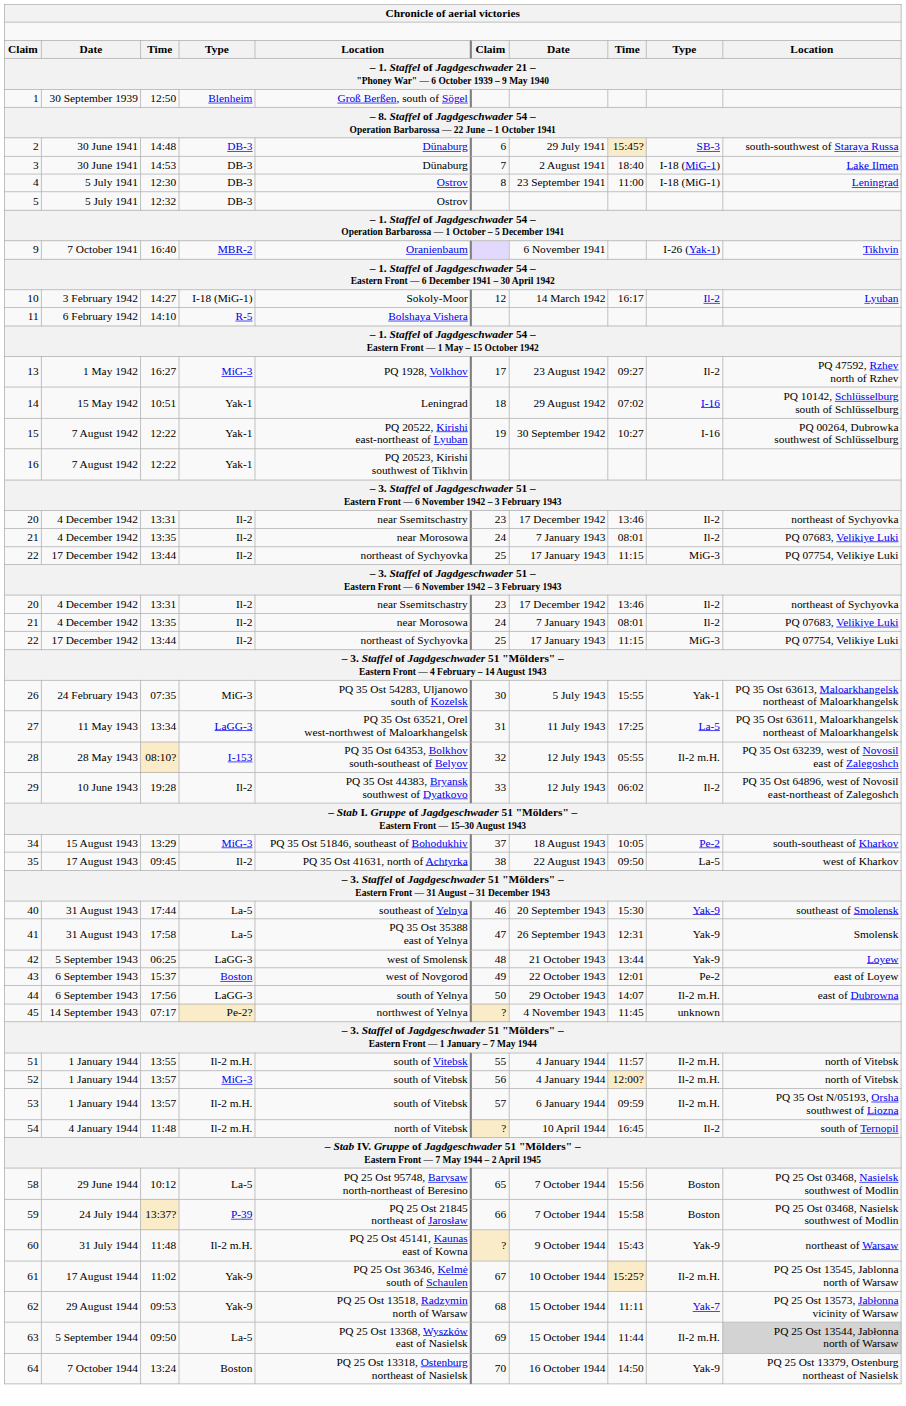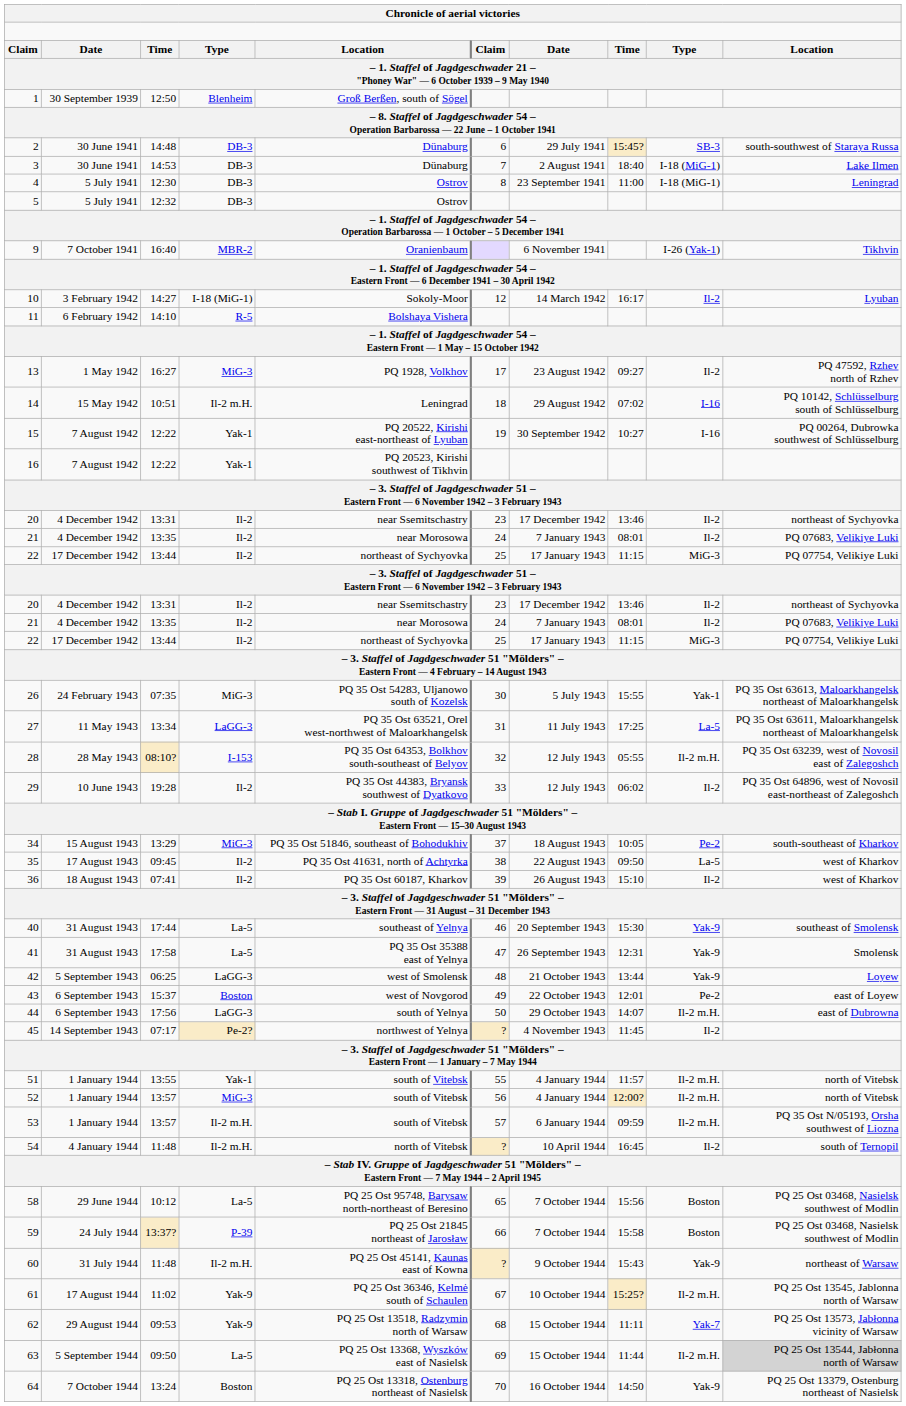 <table class="wikitable plainrowheaders collapsible" style="margin-left: auto; margin-right: auto; border: none; text-align:right; width: 100%;">
 <tr>
 <th colspan="10">Chronicle of aerial victories</th>
 </tr>
 <tr>
 <td colspan="10" style="text-align: left;"><br> </td>
 </tr>
 <tr>
 <th scope="col">Claim</th>
 <th scope="col">Date</th>
 <th scope="col">Time</th>
 <th scope="col" width="100px">Type</th>
 <th scope="col">Location</th>
 <th scope="col" style="border-left: 3px solid grey;">Claim</th>
 <th scope="col">Date</th>
 <th scope="col">Time</th>
 <th scope="col" width="100px">Type</th>
 <th scope="col">Location</th>
 </tr>
 <tr>
 <th colspan="10">– 1. <em>Staffel</em> of <em>Jagdgeschwader</em> 21 –<br><small>"Phoney War" — 6 October 1939 – 9 May 1940</small></th>
 </tr>
 <tr>
 <td>1</td>
 <td>30 September 1939</td>
 <td>12:50</td>
 <td><a href='#'>Blenheim</a></td>
 <td><a href='#'>Groß Berßen</a>, south of <a href='#'>Sögel</a></td>
 <td style="border-left: 3px solid grey;"></td>
 <td></td>
 <td></td>
 <td></td>
 <td></td>
 </tr>
 <tr>
 <th colspan="10">– 8. <em>Staffel</em> of <em>Jagdgeschwader</em> 54 –<br><small>Operation Barbarossa — 22 June – 1 October 1941</small></th>
 </tr>
 <tr>
 <td>2</td>
 <td>30 June 1941</td>
 <td>14:48</td>
 <td><a href='#'>DB-3</a></td>
 <td><a href='#'>Dünaburg</a></td>
 <td style="border-left: 3px solid grey;">6</td>
 <td>29 July 1941</td>
 <td style="background:#faecc8">15:45?</td>
 <td><a href='#'>SB-3</a></td>
 <td>south-southwest of <a href='#'>Staraya Russa</a></td>
 </tr>
 <tr>
 <td>3</td>
 <td>30 June 1941</td>
 <td>14:53</td>
 <td>DB-3</td>
 <td>Dünaburg</td>
 <td style="border-left: 3px solid grey;">7</td>
 <td>2 August 1941</td>
 <td>18:40</td>
 <td>I-18 (<a href='#'>MiG-1</a>)</td>
 <td><a href='#'>Lake Ilmen</a></td>
 </tr>
 <tr>
 <td>4</td>
 <td>5 July 1941</td>
 <td>12:30</td>
 <td>DB-3</td>
 <td><a href='#'>Ostrov</a></td>
 <td style="border-left: 3px solid grey;">8</td>
 <td>23 September 1941</td>
 <td>11:00</td>
 <td>I-18 (MiG-1)</td>
 <td><a href='#'>Leningrad</a></td>
 </tr>
 <tr>
 <td>5</td>
 <td>5 July 1941</td>
 <td>12:32</td>
 <td>DB-3</td>
 <td>Ostrov</td>
 <td style="border-left: 3px solid grey;"></td>
 <td></td>
 <td></td>
 <td></td>
 <td></td>
 </tr>
 <tr>
 <th colspan="10">– 1. <em>Staffel</em> of <em>Jagdgeschwader</em> 54 –<br><small>Operation Barbarossa — 1 October – 5 December 1941</small></th>
 </tr>
 <tr>
 <td>9</td>
 <td>7 October 1941</td>
 <td>16:40</td>
 <td><a href='#'>MBR-2</a></td>
 <td><a href='#'>Oranienbaum</a></td>
 <td style="border-left: 3px solid grey; background:#e3d9ff;"></td>
 <td>6 November 1941</td>
 <td></td>
 <td>I-26 (<a href='#'>Yak-1</a>)</td>
 <td><a href='#'>Tikhvin</a></td>
 </tr>
 <tr>
 <th colspan="10">– 1. <em>Staffel</em> of <em>Jagdgeschwader</em> 54 –<br><small>Eastern Front — 6 December 1941 – 30 April 1942</small></th>
 </tr>
 <tr>
 <td>10</td>
 <td>3 February 1942</td>
 <td>14:27</td>
 <td>I-18 (MiG-1)</td>
 <td>Sokoly-Moor</td>
 <td style="border-left: 3px solid grey;">12</td>
 <td>14 March 1942</td>
 <td>16:17</td>
 <td><a href='#'>Il-2</a></td>
 <td><a href='#'>Lyuban</a></td>
 </tr>
 <tr>
 <td>11</td>
 <td>6 February 1942</td>
 <td>14:10</td>
 <td><a href='#'>R-5</a></td>
 <td><a href='#'>Bolshaya Vishera</a></td>
 <td style="border-left: 3px solid grey;"></td>
 <td></td>
 <td></td>
 <td></td>
 <td></td>
 </tr>
 <tr>
 <th colspan="10">– 1. <em>Staffel</em> of <em>Jagdgeschwader</em> 54 –<br><small>Eastern Front — 1 May – 15 October 1942</small></th>
 </tr>
 <tr>
 <td>13</td>
 <td>1 May 1942</td>
 <td>16:27</td>
 <td><a href='#'>MiG-3</a></td>
 <td>PQ 1928, <a href='#'>Volkhov</a></td>
 <td style="border-left: 3px solid grey;">17</td>
 <td>23 August 1942</td>
 <td>09:27</td>
 <td>Il-2</td>
 <td>PQ 47592, <a href='#'>Rzhev</a><br>north of Rzhev</td>
 </tr>
 <tr>
 <td>14</td>
 <td>15 May 1942</td>
 <td>10:51</td>
-<td>Yak-1</td>
+<td>Il-2 m.H.</td>
 <td>Leningrad</td>
 <td style="border-left: 3px solid grey;">18</td>
 <td>29 August 1942</td>
 <td>07:02</td>
 <td><a href='#'>I-16</a></td>
 <td>PQ 10142, <a href='#'>Schlüsselburg</a><br>south of Schlüsselburg</td>
 </tr>
 <tr>
 <td>15</td>
 <td>7 August 1942</td>
 <td>12:22</td>
 <td>Yak-1</td>
 <td>PQ 20522, <a href='#'>Kirishi</a><br> east-northeast of <a href='#'>Lyuban</a></td>
 <td style="border-left: 3px solid grey;">19</td>
 <td>30 September 1942</td>
 <td>10:27</td>
 <td>I-16</td>
 <td>PQ 00264, Dubrowka<br> southwest of Schlüsselburg</td>
 </tr>
 <tr>
 <td>16</td>
 <td>7 August 1942</td>
 <td>12:22</td>
 <td>Yak-1</td>
 <td>PQ 20523, Kirishi<br> southwest of Tikhvin</td>
 <td style="border-left: 3px solid grey;"></td>
 <td></td>
 <td></td>
 <td></td>
 <td></td>
 </tr>
 <tr>
 <th colspan="10">– 3. <em>Staffel</em> of <em>Jagdgeschwader</em> 51 –<br><small>Eastern Front — 6 November 1942 – 3 February 1943</small></th>
 </tr>
 <tr>
 <td>20</td>
 <td>4 December 1942</td>
 <td>13:31</td>
 <td>Il-2</td>
 <td>near Ssemitschastry</td>
 <td style="border-left: 3px solid grey;">23</td>
 <td>17 December 1942</td>
 <td>13:46</td>
 <td>Il-2</td>
 <td>northeast of Sychyovka</td>
 </tr>
 <tr>
 <td>21</td>
 <td>4 December 1942</td>
 <td>13:35</td>
 <td>Il-2</td>
 <td>near Morosowa</td>
 <td style="border-left: 3px solid grey;">24</td>
 <td>7 January 1943</td>
 <td>08:01</td>
 <td>Il-2</td>
 <td>PQ 07683, <a href='#'>Velikiye Luki</a></td>
 </tr>
 <tr>
 <td>22</td>
 <td>17 December 1942</td>
 <td>13:44</td>
 <td>Il-2</td>
 <td>northeast of Sychyovka</td>
 <td style="border-left: 3px solid grey;">25</td>
 <td>17 January 1943</td>
 <td>11:15</td>
 <td>MiG-3</td>
 <td>PQ 07754, Velikiye Luki</td>
 </tr>
 <tr>
 <th colspan="10">– 3. <em>Staffel</em> of <em>Jagdgeschwader</em> 51 –<br><small>Eastern Front — 6 November 1942 – 3 February 1943</small></th>
 </tr>
 <tr>
 <td>20</td>
 <td>4 December 1942</td>
 <td>13:31</td>
 <td>Il-2</td>
 <td>near Ssemitschastry</td>
 <td style="border-left: 3px solid grey;">23</td>
 <td>17 December 1942</td>
 <td>13:46</td>
 <td>Il-2</td>
 <td>northeast of Sychyovka</td>
 </tr>
 <tr>
 <td>21</td>
 <td>4 December 1942</td>
 <td>13:35</td>
 <td>Il-2</td>
 <td>near Morosowa</td>
 <td style="border-left: 3px solid grey;">24</td>
 <td>7 January 1943</td>
 <td>08:01</td>
 <td>Il-2</td>
 <td>PQ 07683, <a href='#'>Velikiye Luki</a></td>
 </tr>
 <tr>
 <td>22</td>
 <td>17 December 1942</td>
 <td>13:44</td>
 <td>Il-2</td>
 <td>northeast of Sychyovka</td>
 <td style="border-left: 3px solid grey;">25</td>
 <td>17 January 1943</td>
 <td>11:15</td>
 <td>MiG-3</td>
 <td>PQ 07754, Velikiye Luki</td>
 </tr>
 <tr>
 <th colspan="10">– 3. <em>Staffel</em> of <em>Jagdgeschwader</em> 51 "Mölders" –<br><small>Eastern Front — 4 February – 14 August 1943</small></th>
 </tr>
 <tr>
 <td>26</td>
 <td>24 February 1943</td>
 <td>07:35</td>
 <td>MiG-3</td>
 <td>PQ 35 Ost 54283, Uljanowo<br> south of <a href='#'>Kozelsk</a></td>
 <td style="border-left: 3px solid grey;">30</td>
 <td>5 July 1943</td>
 <td>15:55</td>
 <td>Yak-1</td>
 <td>PQ 35 Ost 63613, <a href='#'>Maloarkhangelsk</a><br> northeast of Maloarkhangelsk</td>
 </tr>
 <tr>
 <td>27</td>
 <td>11 May 1943</td>
 <td>13:34</td>
 <td><a href='#'>LaGG-3</a></td>
 <td>PQ 35 Ost 63521, Orel<br> west-northwest of Maloarkhangelsk</td>
 <td style="border-left: 3px solid grey;">31</td>
 <td>11 July 1943</td>
 <td>17:25</td>
 <td><a href='#'>La-5</a></td>
 <td>PQ 35 Ost 63611, Maloarkhangelsk<br> northeast of Maloarkhangelsk</td>
 </tr>
 <tr>
 <td>28</td>
 <td>28 May 1943</td>
 <td style="background:#faecc8">08:10?</td>
 <td><a href='#'>I-153</a></td>
 <td>PQ 35 Ost 64353, <a href='#'>Bolkhov</a><br> south-southeast of <a href='#'>Belyov</a></td>
 <td style="border-left: 3px solid grey;">32</td>
 <td>12 July 1943</td>
 <td>05:55</td>
 <td>Il-2 m.H.</td>
 <td>PQ 35 Ost 63239, west of <a href='#'>Novosil</a><br> east of <a href='#'>Zalegoshch</a></td>
 </tr>
 <tr>
 <td>29</td>
 <td>10 June 1943</td>
 <td>19:28</td>
 <td>Il-2</td>
 <td>PQ 35 Ost 44383, <a href='#'>Bryansk</a><br> southwest of <a href='#'>Dyatkovo</a></td>
 <td style="border-left: 3px solid grey;">33</td>
 <td>12 July 1943</td>
 <td>06:02</td>
 <td>Il-2</td>
 <td>PQ 35 Ost 64896, west of Novosil<br> east-northeast of Zalegoshch</td>
 </tr>
 <tr>
 <th colspan="10">– <em>Stab</em> I. <em>Gruppe</em> of <em>Jagdgeschwader</em> 51 "Mölders" –<br><small>Eastern Front — 15–30 August 1943</small></th>
 </tr>
 <tr>
 <td>34</td>
 <td>15 August 1943</td>
 <td>13:29</td>
 <td><a href='#'>MiG-3</a></td>
 <td>PQ 35 Ost 51846, southeast of <a href='#'>Bohodukhiv</a></td>
 <td style="border-left: 3px solid grey;">37</td>
 <td>18 August 1943</td>
 <td>10:05</td>
 <td><a href='#'>Pe-2</a></td>
 <td>south-southeast of <a href='#'>Kharkov</a></td>
 </tr>
 <tr>
 <td>35</td>
 <td>17 August 1943</td>
 <td>09:45</td>
 <td>Il-2</td>
 <td>PQ 35 Ost 41631, north of <a href='#'>Achtyrka</a></td>
 <td style="border-left: 3px solid grey;">38</td>
 <td>22 August 1943</td>
 <td>09:50</td>
 <td>La-5</td>
 <td>west of Kharkov</td>
 </tr>
 <tr>
+<td>36</td>
+<td>18 August 1943</td>
+<td>07:41</td>
+<td>Il-2</td>
+<td>PQ 35 Ost 60187, Kharkov</td>
+<td style="border-left: 3px solid grey;">39</td>
+<td>26 August 1943</td>
+<td>15:10</td>
+<td>Il-2</td>
+<td>west of Kharkov</td>
+</tr>
+<tr>
 <th colspan="10">– 3. <em>Staffel</em> of <em>Jagdgeschwader</em> 51 "Mölders" –<br><small>Eastern Front — 31 August – 31 December 1943</small></th>
 </tr>
 <tr>
 <td>40</td>
 <td>31 August 1943</td>
 <td>17:44</td>
 <td>La-5</td>
 <td>southeast of <a href='#'>Yelnya</a></td>
 <td style="border-left: 3px solid grey;">46</td>
 <td>20 September 1943</td>
 <td>15:30</td>
 <td><a href='#'>Yak-9</a></td>
 <td>southeast of <a href='#'>Smolensk</a></td>
 </tr>
 <tr>
 <td>41</td>
 <td>31 August 1943</td>
 <td>17:58</td>
 <td>La-5</td>
 <td>PQ 35 Ost 35388<br> east of Yelnya</td>
 <td style="border-left: 3px solid grey;">47</td>
 <td>26 September 1943</td>
 <td>12:31</td>
 <td>Yak-9</td>
 <td>Smolensk</td>
 </tr>
 <tr>
 <td>42</td>
 <td>5 September 1943</td>
 <td>06:25</td>
 <td>LaGG-3</td>
 <td>west of Smolensk</td>
 <td style="border-left: 3px solid grey;">48</td>
 <td>21 October 1943</td>
 <td>13:44</td>
 <td>Yak-9</td>
 <td><a href='#'>Loyew</a></td>
 </tr>
 <tr>
 <td>43</td>
 <td>6 September 1943</td>
 <td>15:37</td>
 <td><a href='#'>Boston</a></td>
 <td>west of Novgorod</td>
 <td style="border-left: 3px solid grey;">49</td>
 <td>22 October 1943</td>
 <td>12:01</td>
 <td>Pe-2</td>
 <td> east of Loyew</td>
 </tr>
 <tr>
 <td>44</td>
 <td>6 September 1943</td>
 <td>17:56</td>
 <td>LaGG-3</td>
 <td>south of Yelnya</td>
 <td style="border-left: 3px solid grey;">50</td>
 <td>29 October 1943</td>
 <td>14:07</td>
 <td>Il-2 m.H.</td>
 <td>east of <a href='#'>Dubrowna</a></td>
 </tr>
 <tr>
 <td>45</td>
 <td>14 September 1943</td>
 <td>07:17</td>
 <td style="background:#faecc8">Pe-2?</td>
 <td>northwest of Yelnya</td>
 <td style="border-left: 3px solid grey; background:#faecc8">?</td>
 <td>4 November 1943</td>
 <td>11:45</td>
-<td>unknown</td>
+<td>Il-2</td>
 <td></td>
 </tr>
 <tr>
 <th colspan="10">– 3. <em>Staffel</em> of <em>Jagdgeschwader</em> 51 "Mölders" –<br><small>Eastern Front — 1 January – 7 May 1944</small></th>
 </tr>
 <tr>
 <td>51</td>
 <td>1 January 1944</td>
 <td>13:55</td>
-<td>Il-2 m.H.</td>
+<td>Yak-1</td>
 <td>south of <a href='#'>Vitebsk</a></td>
 <td style="border-left: 3px solid grey;">55</td>
 <td>4 January 1944</td>
 <td>11:57</td>
 <td>Il-2 m.H.</td>
 <td>north of Vitebsk</td>
 </tr>
 <tr>
 <td>52</td>
 <td>1 January 1944</td>
 <td>13:57</td>
 <td><a href='#'>MiG-3</a></td>
 <td>south of Vitebsk</td>
 <td style="border-left: 3px solid grey;">56</td>
 <td>4 January 1944</td>
 <td style="background:#faecc8">12:00?</td>
 <td>Il-2 m.H.</td>
 <td>north of Vitebsk</td>
 </tr>
 <tr>
 <td>53</td>
 <td>1 January 1944</td>
 <td>13:57</td>
 <td>Il-2 m.H.</td>
 <td>south of Vitebsk</td>
 <td style="border-left: 3px solid grey;">57</td>
 <td>6 January 1944</td>
 <td>09:59</td>
 <td>Il-2 m.H.</td>
 <td>PQ 35 Ost N/05193, <a href='#'>Orsha</a><br> southwest of <a href='#'>Liozna</a></td>
 </tr>
 <tr>
 <td>54</td>
 <td>4 January 1944</td>
 <td>11:48</td>
 <td>Il-2 m.H.</td>
 <td>north of Vitebsk</td>
 <td style="border-left: 3px solid grey; background:#faecc8">?</td>
 <td>10 April 1944</td>
 <td>16:45</td>
 <td>Il-2</td>
 <td> south of <a href='#'>Ternopil</a></td>
 </tr>
 <tr>
 <th colspan="10">– <em>Stab</em> IV. <em>Gruppe</em> of <em>Jagdgeschwader</em> 51 "Mölders" –<br><small>Eastern Front — 7 May 1944 – 2 April 1945</small></th>
 </tr>
 <tr>
 <td>58</td>
 <td>29 June 1944</td>
 <td>10:12</td>
 <td>La-5</td>
 <td>PQ 25 Ost 95748, <a href='#'>Barysaw</a><br> north-northeast of Beresino</td>
 <td style="border-left: 3px solid grey;">65</td>
 <td>7 October 1944</td>
 <td>15:56</td>
 <td>Boston</td>
 <td>PQ 25 Ost 03468, <a href='#'>Nasielsk</a><br> southwest of Modlin</td>
 </tr>
 <tr>
 <td>59</td>
 <td>24 July 1944</td>
 <td style="background:#faecc8">13:37?</td>
 <td><a href='#'>P-39</a></td>
 <td>PQ 25 Ost 21845<br> northeast of <a href='#'>Jarosław</a></td>
 <td style="border-left: 3px solid grey;">66</td>
 <td>7 October 1944</td>
 <td>15:58</td>
 <td>Boston</td>
 <td>PQ 25 Ost 03468, Nasielsk<br> southwest of Modlin</td>
 </tr>
 <tr>
 <td>60</td>
 <td>31 July 1944</td>
 <td>11:48</td>
 <td>Il-2 m.H.</td>
 <td>PQ 25 Ost 45141, <a href='#'>Kaunas</a><br> east of Kowna</td>
 <td style="border-left: 3px solid grey; background:#faecc8">?</td>
 <td>9 October 1944</td>
 <td>15:43</td>
 <td>Yak-9</td>
 <td> northeast of <a href='#'>Warsaw</a></td>
 </tr>
 <tr>
 <td>61</td>
 <td>17 August 1944</td>
 <td>11:02</td>
 <td>Yak-9</td>
 <td>PQ 25 Ost 36346, <a href='#'>Kelmė</a><br> south of <a href='#'>Schaulen</a></td>
 <td style="border-left: 3px solid grey;">67</td>
 <td>10 October 1944</td>
 <td style="background:#faecc8">15:25?</td>
 <td>Il-2 m.H.</td>
 <td>PQ 25 Ost 13545, Jablonna<br> north of Warsaw</td>
 </tr>
 <tr>
 <td>62</td>
 <td>29 August 1944</td>
 <td>09:53</td>
 <td>Yak-9</td>
 <td>PQ 25 Ost 13518, <a href='#'>Radzymin</a><br> north of Warsaw</td>
 <td style="border-left: 3px solid grey;">68</td>
 <td>15 October 1944</td>
 <td>11:11</td>
 <td><a href='#'>Yak-7</a></td>
 <td>PQ 25 Ost 13573, <a href='#'>Jabłonna</a><br>vicinity of Warsaw</td>
 </tr>
 <tr>
 <td>63</td>
 <td>5 September 1944</td>
 <td>09:50</td>
 <td>La-5</td>
 <td>PQ 25 Ost 13368, <a href='#'>Wyszków</a><br> east of Nasielsk</td>
 <td style="border-left: 3px solid grey;">69</td>
 <td>15 October 1944</td>
 <td>11:44</td>
 <td>Il-2 m.H.</td>
 <td style="background: lightgrey;">PQ 25 Ost 13544, Jabłonna<br> north of Warsaw</td>
 </tr>
 <tr>
 <td>64</td>
 <td>7 October 1944</td>
 <td>13:24</td>
 <td>Boston</td>
 <td>PQ 25 Ost 13318, <a href='#'>Ostenburg</a><br> northeast of Nasielsk</td>
 <td style="border-left: 3px solid grey;">70</td>
 <td>16 October 1944</td>
 <td>14:50</td>
 <td>Yak-9</td>
 <td>PQ 25 Ost 13379, Ostenburg<br> northeast of Nasielsk</td>
 </tr>
 </table>
